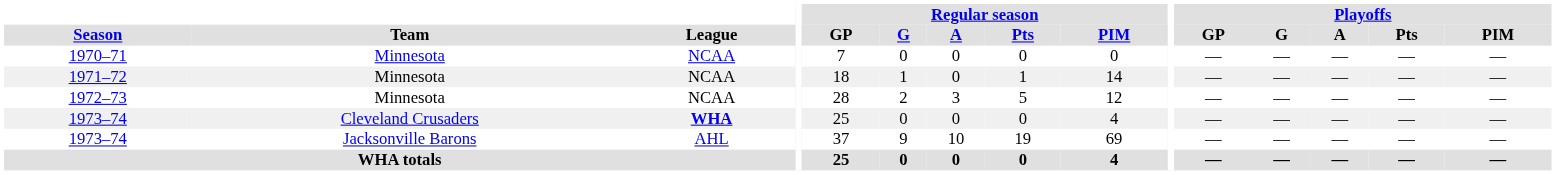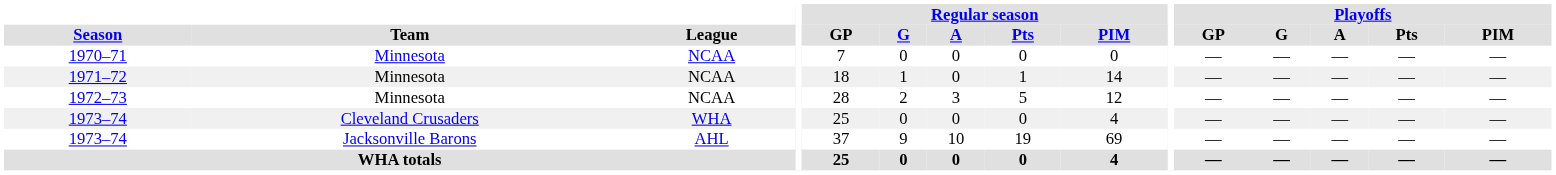 <table border="0" cellpadding="1" cellspacing="0" style="text-align:center; width:75%">
 <tr bgcolor="#e0e0e0">
 <th colspan="3" bgcolor="#ffffff"></th>
 <th rowspan="99" bgcolor="#ffffff"></th>
 <th colspan="5"><a href='#'>Regular season</a></th>
 <th rowspan="99" bgcolor="#ffffff"></th>
 <th colspan="5"><a href='#'>Playoffs</a></th>
 </tr>
 <tr bgcolor="#e0e0e0">
 <th><a href='#'>Season</a></th>
 <th>Team</th>
 <th>League</th>
 <th>GP</th>
 <th><a href='#'>G</a></th>
 <th><a href='#'>A</a></th>
 <th><a href='#'>Pts</a></th>
 <th><a href='#'>PIM</a></th>
 <th>GP</th>
 <th>G</th>
 <th>A</th>
 <th>Pts</th>
 <th>PIM</th>
 </tr>
 <tr ALIGN="center">
 <td><a href='#'>1970–71</a></td>
 <td><a href='#'>Minnesota</a></td>
 <td><a href='#'>NCAA</a></td>
 <td>7</td>
 <td>0</td>
 <td>0</td>
 <td>0</td>
 <td>0</td>
 <td>—</td>
 <td>—</td>
 <td>—</td>
 <td>—</td>
 <td>—</td>
 </tr>
 <tr ALIGN="center" bgcolor="#f0f0f0">
 <td><a href='#'>1971–72</a></td>
 <td>Minnesota</td>
 <td>NCAA</td>
 <td>18</td>
 <td>1</td>
 <td>0</td>
 <td>1</td>
 <td>14</td>
 <td>—</td>
 <td>—</td>
 <td>—</td>
 <td>—</td>
 <td>—</td>
 </tr>
 <tr ALIGN="center">
 <td><a href='#'>1972–73</a></td>
 <td>Minnesota</td>
 <td>NCAA</td>
 <td>28</td>
 <td>2</td>
 <td>3</td>
 <td>5</td>
 <td>12</td>
 <td>—</td>
 <td>—</td>
 <td>—</td>
 <td>—</td>
 <td>—</td>
 </tr>
 <tr ALIGN="center" bgcolor="#f0f0f0">
 <td><a href='#'>1973–74</a></td>
 <td><a href='#'>Cleveland Crusaders</a></td>
-<td><strong><a href='#'>WHA</a></strong></td>
+<td><a href='#'>WHA</a></td>
 <td>25</td>
 <td>0</td>
 <td>0</td>
 <td>0</td>
 <td>4</td>
 <td>—</td>
 <td>—</td>
 <td>—</td>
 <td>—</td>
 <td>—</td>
 </tr>
 <tr ALIGN="center">
 <td><a href='#'>1973–74</a></td>
 <td><a href='#'>Jacksonville Barons</a></td>
 <td><a href='#'>AHL</a></td>
 <td>37</td>
 <td>9</td>
 <td>10</td>
 <td>19</td>
 <td>69</td>
 <td>—</td>
 <td>—</td>
 <td>—</td>
 <td>—</td>
 <td>—</td>
 </tr>
 <tr bgcolor="#e0e0e0">
 <th colspan="3">WHA totals</th>
 <th>25</th>
 <th>0</th>
 <th>0</th>
 <th>0</th>
 <th>4</th>
 <th>—</th>
 <th>—</th>
 <th>—</th>
 <th>—</th>
 <th>—</th>
 </tr>
 </table>
